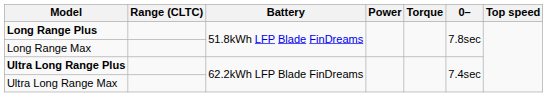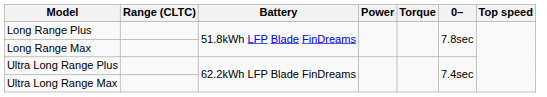 <table class="wikitable">
 <tr>
 <th>Model</th>
 <th>Range (CLTC)</th>
 <th>Battery</th>
 <th>Power</th>
 <th>Torque</th>
 <th>0–</th>
 <th>Top speed</th>
 </tr>
 <tr>
-<td><strong>Long Range Plus</strong></td>
+<td>Long Range Plus</td>
 <td></td>
 <td rowspan="2">51.8kWh <a href='#'>LFP</a> <a href='#'>Blade</a> <a href='#'>FinDreams</a></td>
 <td rowspan="2"></td>
 <td rowspan="2"></td>
 <td rowspan="2">7.8sec</td>
 <td rowspan="4"></td>
 </tr>
 <tr>
 <td>Long Range Max</td>
 <td></td>
 </tr>
 <tr>
-<td><strong>Ultra Long Range Plus</strong></td>
+<td>Ultra Long Range Plus</td>
 <td></td>
 <td rowspan="2">62.2kWh LFP Blade FinDreams</td>
 <td rowspan="2"></td>
 <td rowspan="2"></td>
 <td rowspan="2">7.4sec</td>
 </tr>
 <tr>
 <td>Ultra Long Range Max</td>
 <td></td>
 </tr>
 </table>
